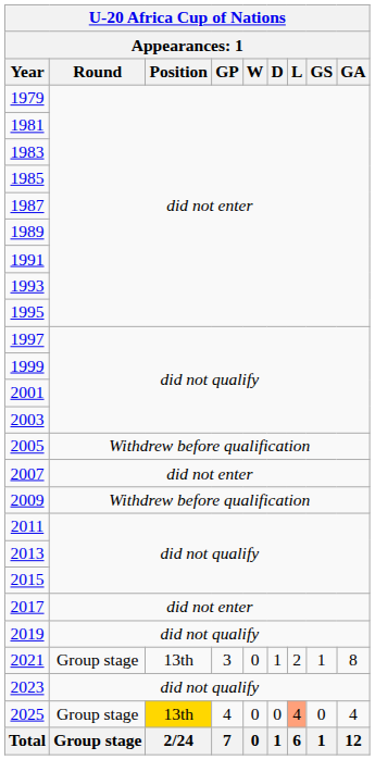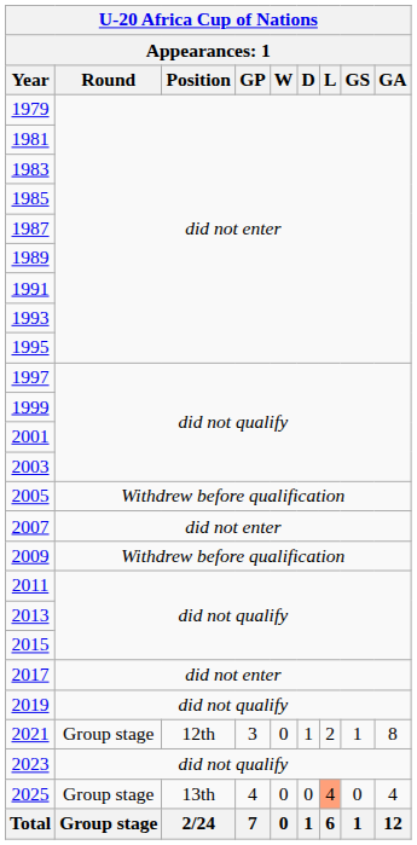 <table class="wikitable" style="text-align: center;">
 <tr>
 <th colspan=9><a href='#'>U-20 Africa Cup of Nations</a></th>
 </tr>
 <tr>
 <th colspan=9>Appearances: 1</th>
 </tr>
 <tr>
 <th>Year</th>
 <th>Round</th>
 <th>Position</th>
 <th>GP</th>
 <th>W</th>
 <th>D</th>
 <th>L</th>
 <th>GS</th>
 <th>GA</th>
 </tr>
 <tr>
 <td> <a href='#'>1979</a></td>
 <td rowspan=9 colspan=8><em>did not enter</em></td>
 </tr>
 <tr>
 <td> <a href='#'>1981</a></td>
 </tr>
 <tr>
 <td> <a href='#'>1983</a></td>
 </tr>
 <tr>
 <td> <a href='#'>1985</a></td>
 </tr>
 <tr>
 <td> <a href='#'>1987</a></td>
 </tr>
 <tr>
 <td> <a href='#'>1989</a></td>
 </tr>
 <tr>
 <td> <a href='#'>1991</a></td>
 </tr>
 <tr>
 <td> <a href='#'>1993</a></td>
 </tr>
 <tr>
 <td> <a href='#'>1995</a></td>
 </tr>
 <tr>
 <td> <a href='#'>1997</a></td>
 <td rowspan=4 colspan=8><em>did not qualify</em></td>
 </tr>
 <tr>
 <td> <a href='#'>1999</a></td>
 </tr>
 <tr>
 <td> <a href='#'>2001</a></td>
 </tr>
 <tr>
 <td> <a href='#'>2003</a></td>
 </tr>
 <tr>
 <td> <a href='#'>2005</a></td>
 <td colspan=8><em>Withdrew before qualification</em></td>
 </tr>
 <tr>
 <td> <a href='#'>2007</a></td>
 <td colspan=8><em>did not enter</em></td>
 </tr>
 <tr>
 <td> <a href='#'>2009</a></td>
 <td colspan=8><em>Withdrew before qualification</em></td>
 </tr>
 <tr>
 <td> <a href='#'>2011</a></td>
 <td rowspan=3 colspan=8><em>did not qualify</em></td>
 </tr>
 <tr>
 <td> <a href='#'>2013</a></td>
 </tr>
 <tr>
 <td> <a href='#'>2015</a></td>
 </tr>
 <tr>
 <td> <a href='#'>2017</a></td>
 <td colspan=8><em>did not enter</em></td>
 </tr>
 <tr>
 <td> <a href='#'>2019</a></td>
 <td colspan=8><em>did not qualify</em></td>
 </tr>
 <tr>
 <td> <a href='#'>2021</a></td>
 <td>Group stage</td>
-<td>13th</td>
+<td>12th</td>
 <td>3</td>
 <td>0</td>
 <td>1</td>
 <td>2</td>
 <td>1</td>
 <td>8</td>
 </tr>
 <tr>
 <td> <a href='#'>2023</a></td>
 <td colspan=8><em>did not qualify</em></td>
 </tr>
 <tr>
 <td> <a href='#'>2025</a></td>
 <td>Group stage</td>
-<td style="background: gold;">13th</td>
+<td>13th</td>
 <td>4</td>
 <td>0</td>
 <td>0</td>
 <td style="background: lightsalmon;">4</td>
 <td>0</td>
 <td>4</td>
 </tr>
 <tr>
 <th>Total</th>
 <th>Group stage</th>
 <th>2/24</th>
 <th>7</th>
 <th>0</th>
 <th>1</th>
 <th>6</th>
 <th>1</th>
 <th>12</th>
 </tr>
 </table>
